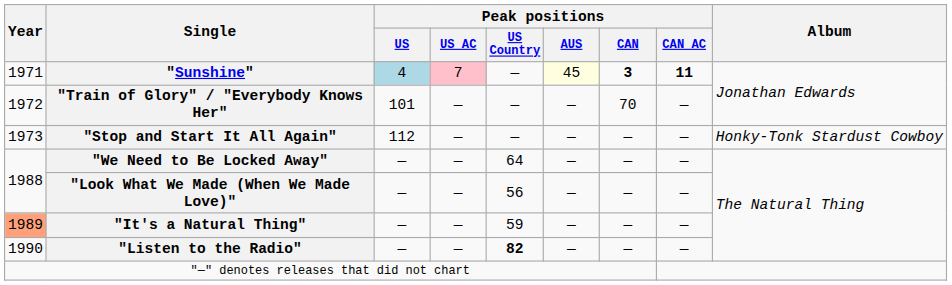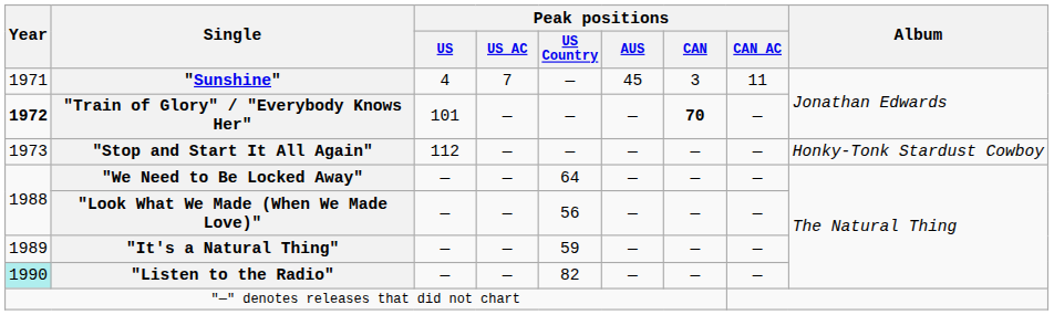 <table class="wikitable plainrowheaders" style="text-align:center;">
 <tr>
 <th rowspan="2">Year</th>
 <th rowspan="2" style="width:22em;">Single</th>
 <th colspan="6">Peak positions</th>
 <th rowspan="2">Album</th>
 </tr>
 <tr style="font-size:smaller;">
 <th width="45"><a href='#'>US</a><br></th>
 <th width="45"><a href='#'>US AC</a><br></th>
 <th width="45"><a href='#'>US Country</a><br></th>
 <th width="45"><a href='#'>AUS</a><br></th>
 <th width="45"><a href='#'>CAN</a><br></th>
 <th width="45"><a href='#'>CAN AC</a><br></th>
 </tr>
 <tr>
 <td>1971</td>
 <th scope="row">"<a href='#'>Sunshine</a>"</th>
-<td style="background: lightblue;">4</td>
-<td style="background: pink;">7</td>
+<td>4</td>
+<td>7</td>
 <td>—</td>
-<td style="background: lightyellow;">45</td>
-<td><strong>3</strong></td>
-<td><strong>11</strong></td>
+<td>45</td>
+<td>3</td>
+<td>11</td>
 <td align="left" rowspan="2"><em>Jonathan Edwards</em></td>
 </tr>
 <tr>
-<td>1972</td>
+<td><strong>1972</strong></td>
 <th scope="row">"Train of Glory" / "Everybody Knows Her"</th>
 <td>101</td>
 <td>—</td>
 <td>—</td>
 <td>—</td>
-<td>70<br></td>
+<td><strong>70<br></strong></td>
 <td>—</td>
 </tr>
 <tr>
 <td>1973</td>
 <th scope="row">"Stop and Start It All Again"</th>
 <td>112</td>
 <td>—</td>
 <td>—</td>
 <td>—</td>
 <td>—</td>
 <td>—</td>
 <td align="left"><em>Honky-Tonk Stardust Cowboy</em></td>
 </tr>
 <tr>
 <td rowspan="2">1988</td>
 <th scope="row">"We Need to Be Locked Away"</th>
 <td>—</td>
 <td>—</td>
 <td>64</td>
 <td>—</td>
 <td>—</td>
 <td>—</td>
 <td align="left" rowspan="4"><em>The Natural Thing</em></td>
 </tr>
 <tr>
 <th scope="row">"Look What We Made (When We Made Love)"</th>
 <td>—</td>
 <td>—</td>
 <td>56</td>
 <td>—</td>
 <td>—</td>
 <td>—</td>
 </tr>
 <tr>
-<td style="background: lightsalmon;">1989</td>
+<td>1989</td>
 <th scope="row">"It's a Natural Thing"</th>
 <td>—</td>
 <td>—</td>
 <td>59</td>
 <td>—</td>
 <td>—</td>
 <td>—</td>
 </tr>
 <tr>
-<td>1990</td>
+<td style="background: paleturquoise;">1990</td>
 <th scope="row">"Listen to the Radio"</th>
 <td>—</td>
 <td>—</td>
-<td><strong>82</strong></td>
+<td>82</td>
 <td>—</td>
 <td>—</td>
 <td>—</td>
 </tr>
 <tr>
 <td colspan="7" style="font-size:8pt">"—" denotes releases that did not chart</td>
 </tr>
 </table>
